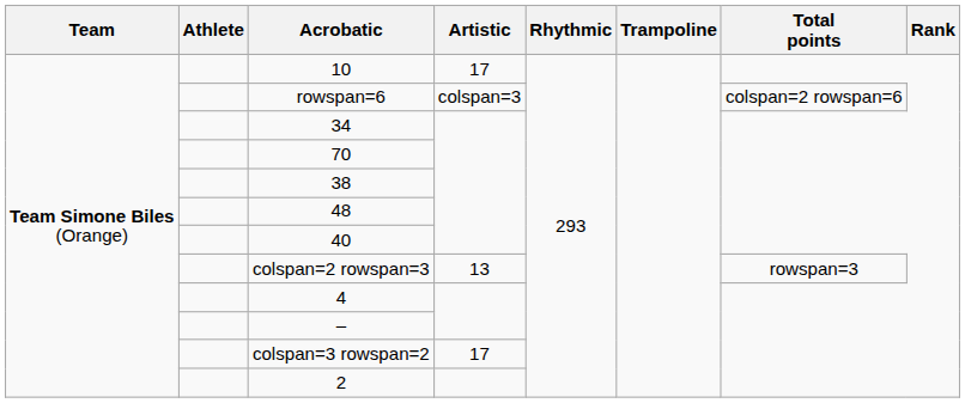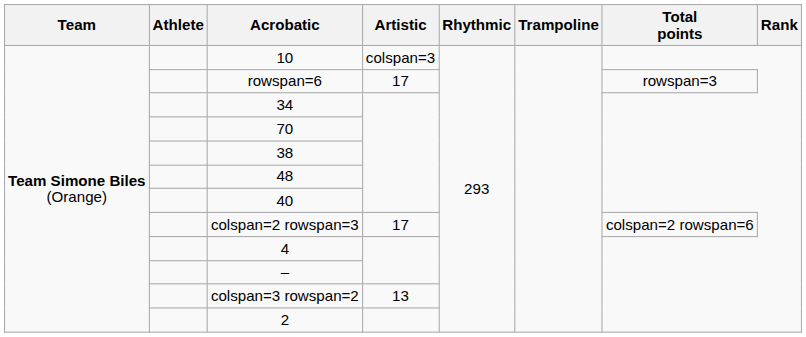 <table class="wikitable" style="text-align:center;font-size:90%">
 <tr>
 <th>Team</th>
 <th>Athlete</th>
 <th>Acrobatic</th>
 <th>Artistic</th>
 <th>Rhythmic</th>
 <th>Trampoline</th>
 <th>Total<br>points</th>
 <th>Rank</th>
 </tr>
 <tr>
 <td rowspan=12><strong>Team Simone Biles</strong><br>(Orange)</td>
 <td align=left><br></td>
 <td>10</td>
-<td>17</td>
+<td>colspan=3 </td>
 <td rowspan=12>293</td>
 <td rowspan=12></td>
 </tr>
 <tr>
 <td align=left></td>
 <td>rowspan=6 </td>
-<td>colspan=3 </td>
-<td>colspan=2 rowspan=6 </td>
+<td>17</td>
+<td>rowspan=3 </td>
 </tr>
 <tr>
 <td align=left></td>
 <td>34</td>
 </tr>
 <tr>
 <td align=left></td>
 <td>70</td>
 </tr>
 <tr>
 <td align=left></td>
 <td>38</td>
 </tr>
 <tr>
 <td align=left></td>
 <td>48</td>
 </tr>
 <tr>
 <td align=left></td>
 <td>40</td>
 </tr>
 <tr>
 <td align=left></td>
 <td>colspan=2 rowspan=3 </td>
-<td>13</td>
-<td>rowspan=3 </td>
+<td>17</td>
+<td>colspan=2 rowspan=6 </td>
 </tr>
 <tr>
 <td align=left></td>
 <td>4</td>
 </tr>
 <tr>
 <td align=left></td>
 <td>–</td>
 </tr>
 <tr>
 <td align=left></td>
 <td>colspan=3 rowspan=2 </td>
-<td>17</td>
+<td>13</td>
 </tr>
 <tr>
 <td align=left></td>
 <td>2</td>
 </tr>
 </table>
